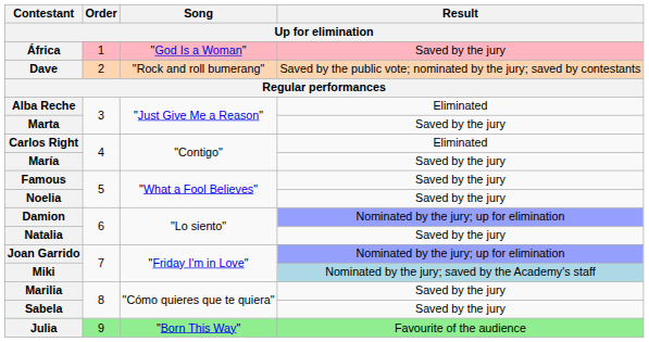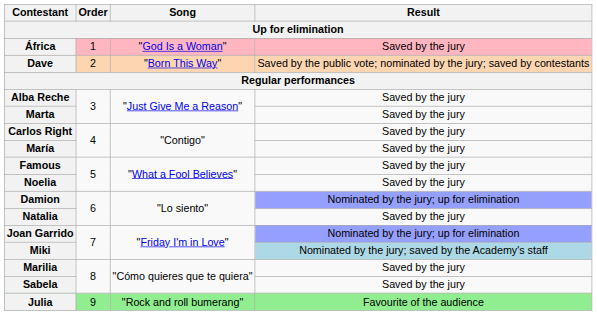 <table class="wikitable plainrowheaders" style="text-align:center;">
 <tr>
 <th scope="col">Contestant</th>
 <th scope="col">Order</th>
 <th scope="col">Song</th>
 <th scope="col">Result</th>
 </tr>
 <tr>
 <th colspan="4">Up for elimination</th>
 </tr>
 <tr style="background:lightpink">
 <th scope="row">África</th>
 <td>1</td>
 <td>"<a href='#'>God Is a Woman</a>"</td>
 <td>Saved by the jury</td>
 </tr>
 <tr style="background:#fdd5b1">
 <th scope="row">Dave</th>
 <td>2</td>
-<td>"Rock and roll bumerang"</td>
+<td>"<a href='#'>Born This Way</a>"</td>
 <td>Saved by the public vote; nominated by the jury; saved by contestants</td>
 </tr>
 <tr>
 <th colspan="4">Regular performances</th>
 </tr>
 <tr>
 <th scope="row">Alba Reche</th>
 <td rowspan="2">3</td>
 <td rowspan="2">"<a href='#'>Just Give Me a Reason</a>"</td>
-<td>Eliminated</td>
+<td>Saved by the jury</td>
 </tr>
 <tr>
 <th scope="row">Marta</th>
 <td>Saved by the jury</td>
 </tr>
 <tr>
 <th scope="row">Carlos Right</th>
 <td rowspan="2">4</td>
 <td rowspan="2">"Contigo"</td>
-<td>Eliminated</td>
+<td>Saved by the jury</td>
 </tr>
 <tr>
 <th scope="row">María</th>
 <td>Saved by the jury</td>
 </tr>
 <tr>
 <th scope="row">Famous</th>
 <td rowspan="2">5</td>
 <td rowspan="2">"<a href='#'>What a Fool Believes</a>"</td>
 <td>Saved by the jury</td>
 </tr>
 <tr>
 <th scope="row">Noelia</th>
 <td>Saved by the jury</td>
 </tr>
 <tr>
 <th scope="row">Damion</th>
 <td rowspan="2">6</td>
 <td rowspan="2">"Lo siento"</td>
 <td style="background:#959ffd;">Nominated by the jury; up for elimination</td>
 </tr>
 <tr>
 <th scope="row">Natalia</th>
 <td>Saved by the jury</td>
 </tr>
 <tr>
 <th scope="row">Joan Garrido</th>
 <td rowspan="2">7</td>
 <td rowspan="2">"<a href='#'>Friday I'm in Love</a>"</td>
 <td style="background:#959ffd;">Nominated by the jury; up for elimination</td>
 </tr>
 <tr>
 <th scope="row">Miki</th>
 <td style="background:lightblue;">Nominated by the jury; saved by the Academy's staff</td>
 </tr>
 <tr>
 <th scope="row">Marilia</th>
 <td rowspan="2">8</td>
 <td rowspan="2">"Cómo quieres que te quiera"</td>
 <td>Saved by the jury</td>
 </tr>
 <tr>
 <th scope="row">Sabela</th>
 <td>Saved by the jury</td>
 </tr>
 <tr style="background:lightgreen">
 <th scope="row">Julia</th>
 <td>9</td>
-<td>"<a href='#'>Born This Way</a>"</td>
+<td>"Rock and roll bumerang"</td>
 <td style="background:lightgreen">Favourite of the audience</td>
 </tr>
 </table>
